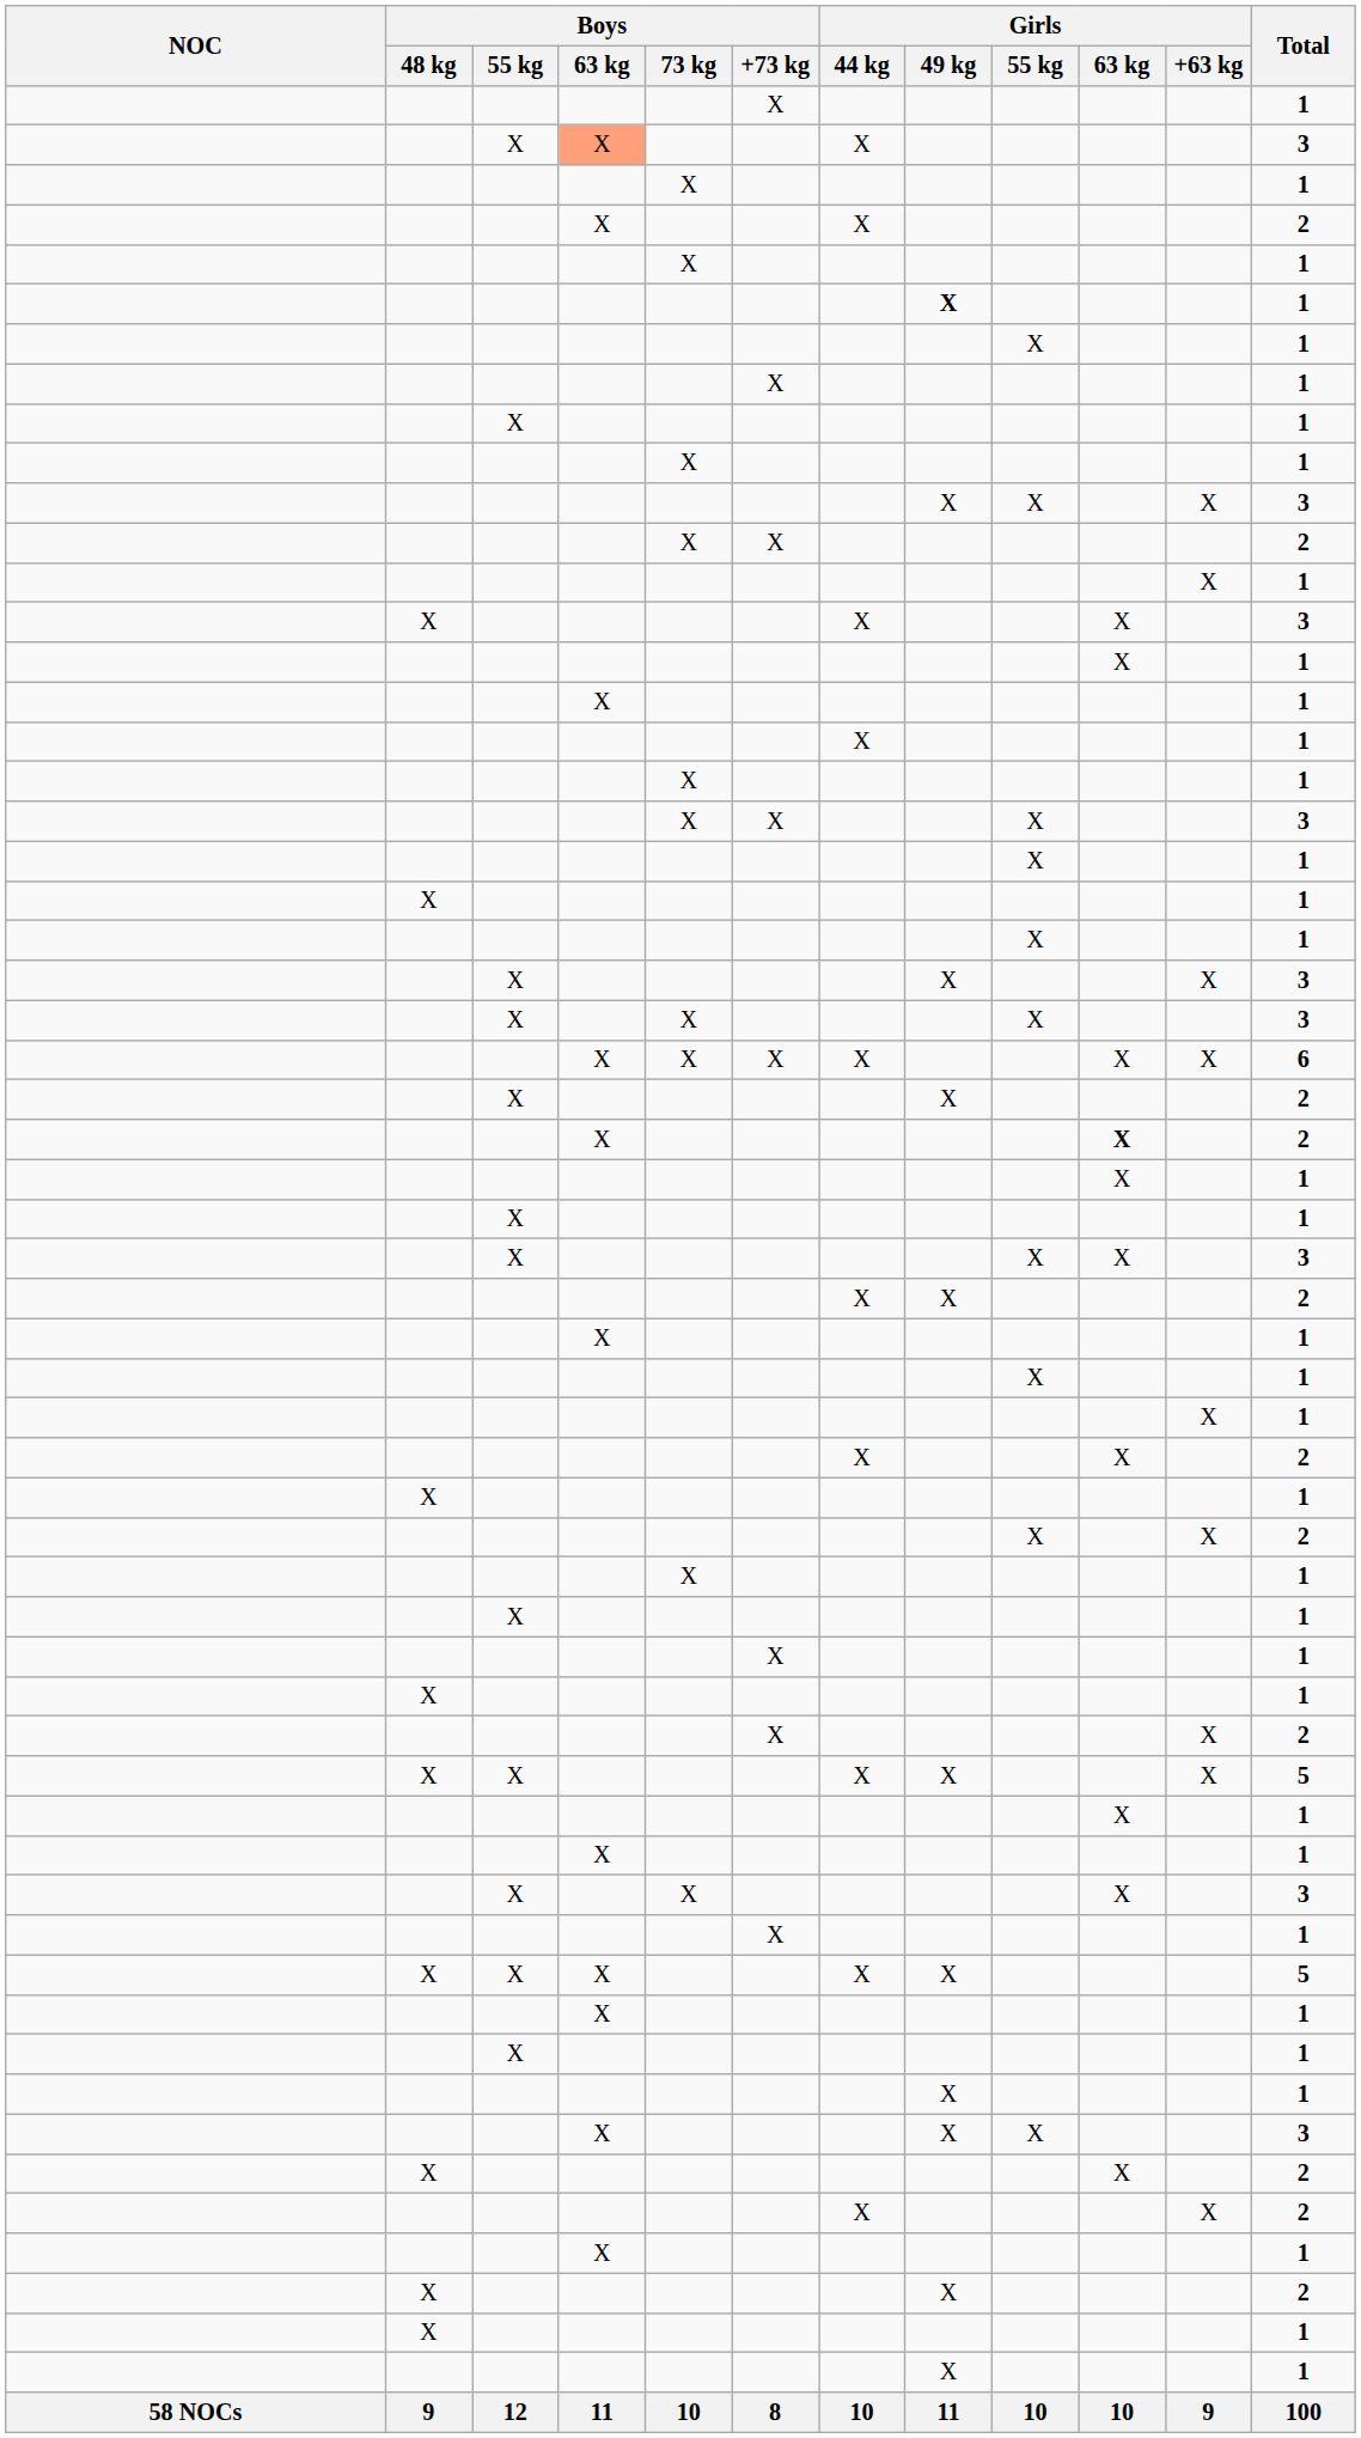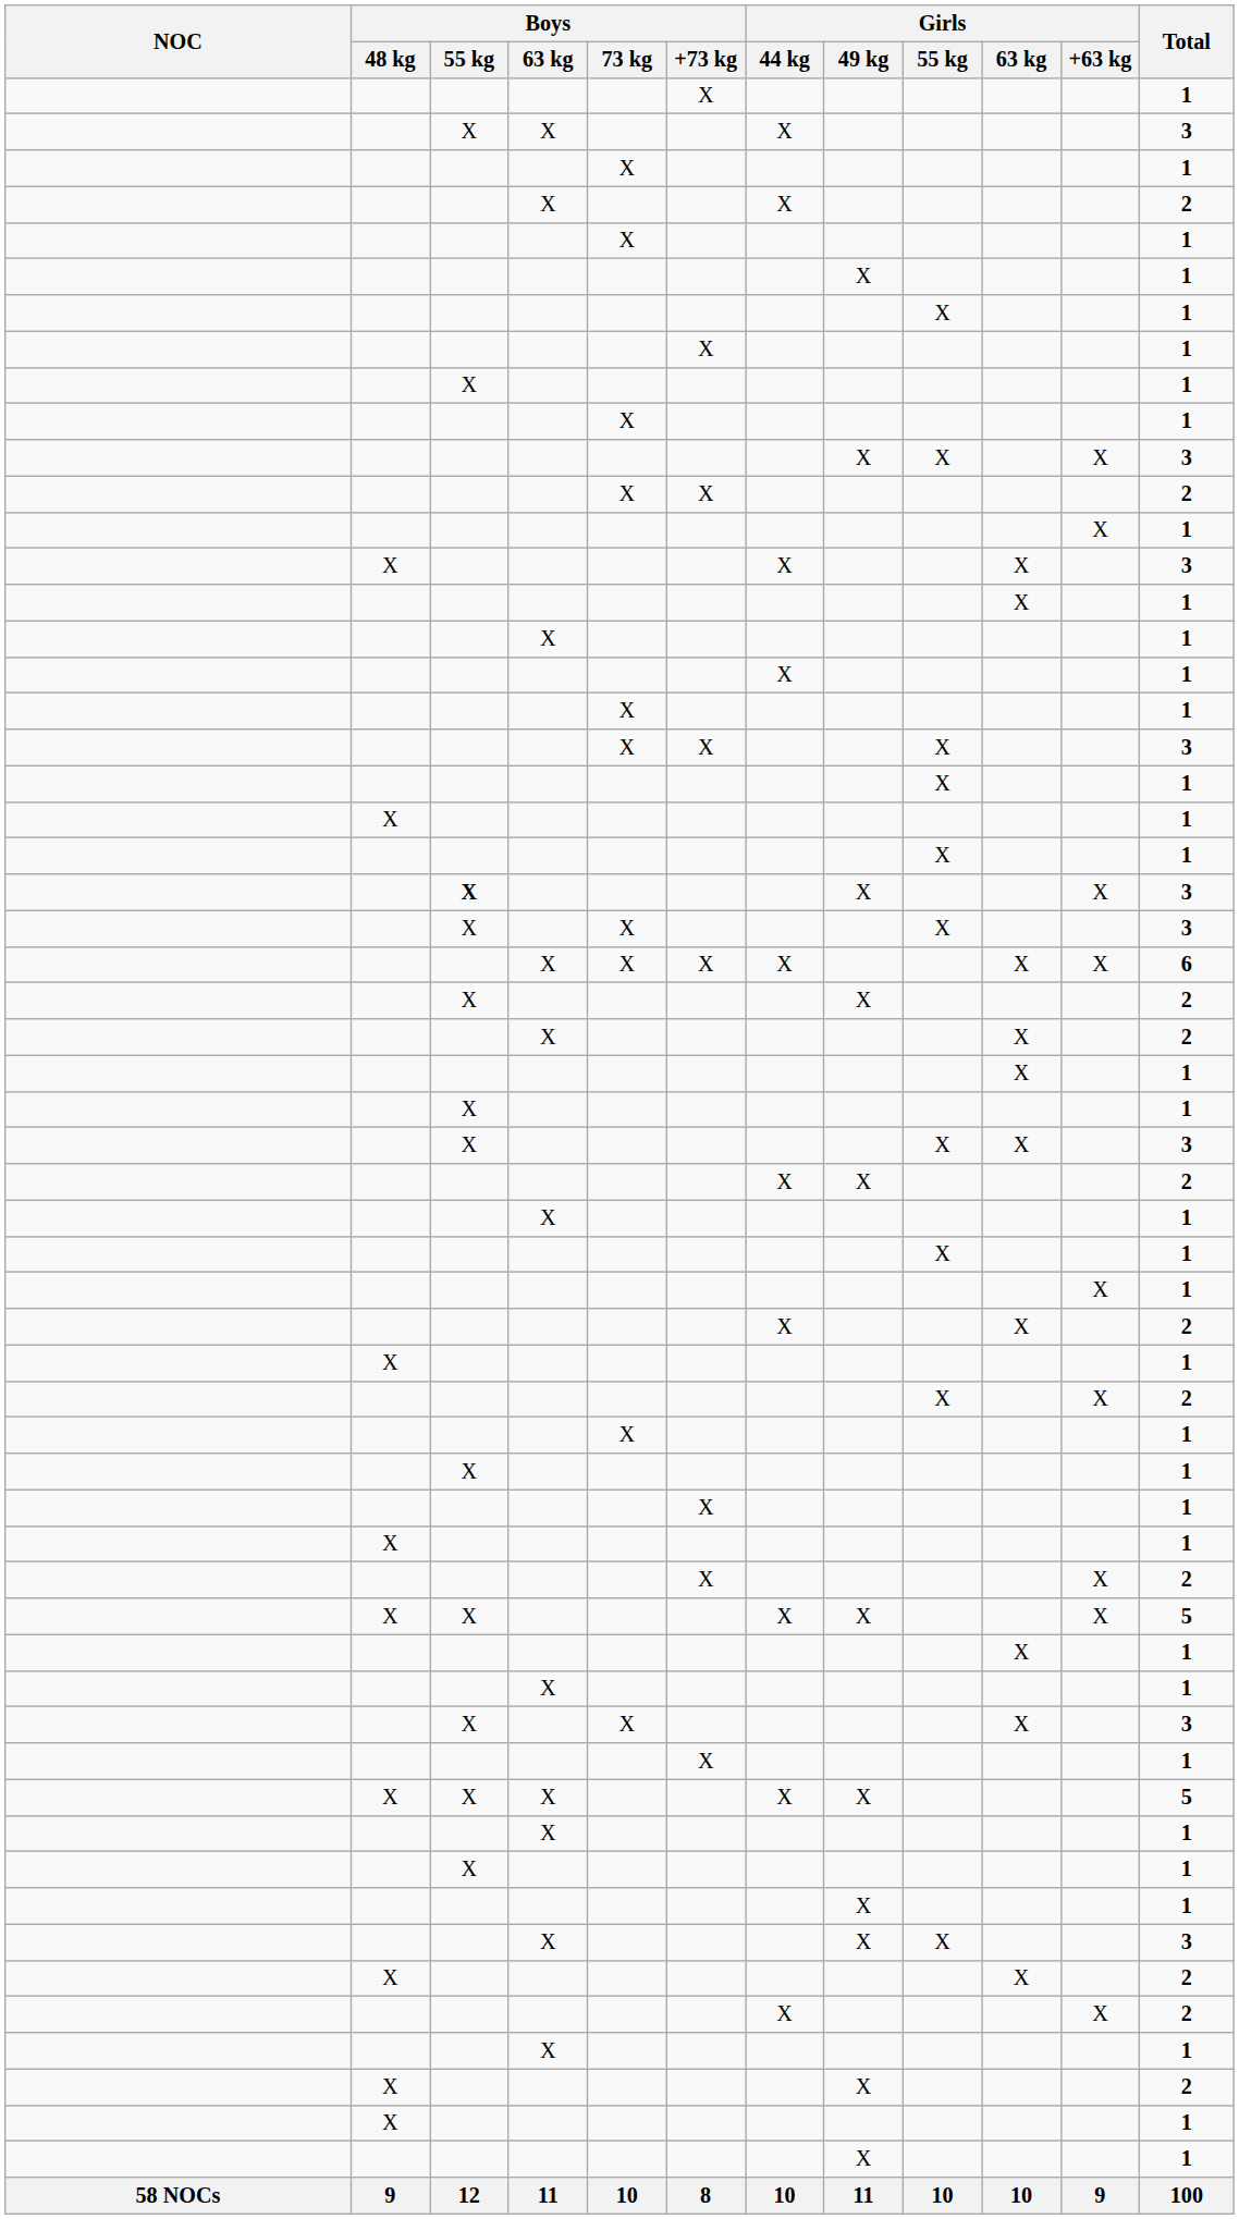 <table class="wikitable" style="text-align:center; font-size:90%">
 <tr>
 <th rowspan="2" width=220 align=left>NOC</th>
 <th colspan="5">Boys</th>
 <th colspan="5">Girls</th>
 <th width=55 rowspan="2">Total</th>
 </tr>
 <tr>
 <th width=45>48 kg</th>
 <th width=45>55 kg</th>
 <th width=45>63 kg</th>
 <th width=45>73 kg</th>
 <th width=45>+73 kg</th>
 <th width=45>44 kg</th>
 <th width=45>49 kg</th>
 <th width=45>55 kg</th>
 <th width=45>63 kg</th>
 <th width=45>+63 kg</th>
 </tr>
 <tr>
 <td align=left></td>
 <td></td>
 <td></td>
 <td></td>
 <td></td>
 <td>X</td>
 <td></td>
 <td></td>
 <td></td>
 <td></td>
 <td></td>
 <td><strong>1</strong></td>
 </tr>
 <tr>
 <td align=left></td>
 <td></td>
 <td>X</td>
-<td style="background: lightsalmon;">X</td>
+<td>X</td>
 <td></td>
 <td></td>
 <td>X</td>
 <td></td>
 <td></td>
 <td></td>
 <td></td>
 <td><strong>3</strong></td>
 </tr>
 <tr>
 <td align=left></td>
 <td></td>
 <td></td>
 <td></td>
 <td>X</td>
 <td></td>
 <td></td>
 <td></td>
 <td></td>
 <td></td>
 <td></td>
 <td><strong>1</strong></td>
 </tr>
 <tr>
 <td align=left></td>
 <td></td>
 <td></td>
 <td>X</td>
 <td></td>
 <td></td>
 <td>X</td>
 <td></td>
 <td></td>
 <td></td>
 <td></td>
 <td><strong>2</strong></td>
 </tr>
 <tr>
 <td align=left></td>
 <td></td>
 <td></td>
 <td></td>
 <td>X</td>
 <td></td>
 <td></td>
 <td></td>
 <td></td>
 <td></td>
 <td></td>
 <td><strong>1</strong></td>
 </tr>
 <tr>
 <td align=left></td>
 <td></td>
 <td></td>
 <td></td>
 <td></td>
 <td></td>
 <td></td>
-<td><strong>X</strong></td>
+<td>X</td>
 <td></td>
 <td></td>
 <td></td>
 <td><strong>1</strong></td>
 </tr>
 <tr>
 <td align=left></td>
 <td></td>
 <td></td>
 <td></td>
 <td></td>
 <td></td>
 <td></td>
 <td></td>
 <td>X</td>
 <td></td>
 <td></td>
 <td><strong>1</strong></td>
 </tr>
 <tr>
 <td align=left></td>
 <td></td>
 <td></td>
 <td></td>
 <td></td>
 <td>X</td>
 <td></td>
 <td></td>
 <td></td>
 <td></td>
 <td></td>
 <td><strong>1</strong></td>
 </tr>
 <tr>
 <td align=left></td>
 <td></td>
 <td>X</td>
 <td></td>
 <td></td>
 <td></td>
 <td></td>
 <td></td>
 <td></td>
 <td></td>
 <td></td>
 <td><strong>1</strong></td>
 </tr>
 <tr>
 <td align=left></td>
 <td></td>
 <td></td>
 <td></td>
 <td>X</td>
 <td></td>
 <td></td>
 <td></td>
 <td></td>
 <td></td>
 <td></td>
 <td><strong>1</strong></td>
 </tr>
 <tr>
 <td align=left></td>
 <td></td>
 <td></td>
 <td></td>
 <td></td>
 <td></td>
 <td></td>
 <td>X</td>
 <td>X</td>
 <td></td>
 <td>X</td>
 <td><strong>3</strong></td>
 </tr>
 <tr>
 <td align=left></td>
 <td></td>
 <td></td>
 <td></td>
 <td>X</td>
 <td>X</td>
 <td></td>
 <td></td>
 <td></td>
 <td></td>
 <td></td>
 <td><strong>2</strong></td>
 </tr>
 <tr>
 <td align=left></td>
 <td></td>
 <td></td>
 <td></td>
 <td></td>
 <td></td>
 <td></td>
 <td></td>
 <td></td>
 <td></td>
 <td>X</td>
 <td><strong>1</strong></td>
 </tr>
 <tr>
 <td align=left></td>
 <td>X</td>
 <td></td>
 <td></td>
 <td></td>
 <td></td>
 <td>X</td>
 <td></td>
 <td></td>
 <td>X</td>
 <td></td>
 <td><strong>3</strong></td>
 </tr>
 <tr>
 <td align=left></td>
 <td></td>
 <td></td>
 <td></td>
 <td></td>
 <td></td>
 <td></td>
 <td></td>
 <td></td>
 <td>X</td>
 <td></td>
 <td><strong>1</strong></td>
 </tr>
 <tr>
 <td align=left></td>
 <td></td>
 <td></td>
 <td>X</td>
 <td></td>
 <td></td>
 <td></td>
 <td></td>
 <td></td>
 <td></td>
 <td></td>
 <td><strong>1</strong></td>
 </tr>
 <tr>
 <td align=left></td>
 <td></td>
 <td></td>
 <td></td>
 <td></td>
 <td></td>
 <td>X</td>
 <td></td>
 <td></td>
 <td></td>
 <td></td>
 <td><strong>1</strong></td>
 </tr>
 <tr>
 <td align=left></td>
 <td></td>
 <td></td>
 <td></td>
 <td>X</td>
 <td></td>
 <td></td>
 <td></td>
 <td></td>
 <td></td>
 <td></td>
 <td><strong>1</strong></td>
 </tr>
 <tr>
 <td align=left></td>
 <td></td>
 <td></td>
 <td></td>
 <td>X</td>
 <td>X</td>
 <td></td>
 <td></td>
 <td>X</td>
 <td></td>
 <td></td>
 <td><strong>3</strong></td>
 </tr>
 <tr>
 <td align=left></td>
 <td></td>
 <td></td>
 <td></td>
 <td></td>
 <td></td>
 <td></td>
 <td></td>
 <td>X</td>
 <td></td>
 <td></td>
 <td><strong>1</strong></td>
 </tr>
 <tr>
 <td align=left></td>
 <td>X</td>
 <td></td>
 <td></td>
 <td></td>
 <td></td>
 <td></td>
 <td></td>
 <td></td>
 <td></td>
 <td></td>
 <td><strong>1</strong></td>
 </tr>
 <tr>
 <td align=left></td>
 <td></td>
 <td></td>
 <td></td>
 <td></td>
 <td></td>
 <td></td>
 <td></td>
 <td>X</td>
 <td></td>
 <td></td>
 <td><strong>1</strong></td>
 </tr>
 <tr>
 <td align=left></td>
 <td></td>
-<td>X</td>
+<td><strong>X</strong></td>
 <td></td>
 <td></td>
 <td></td>
 <td></td>
 <td>X</td>
 <td></td>
 <td></td>
 <td>X</td>
 <td><strong>3</strong></td>
 </tr>
 <tr>
 <td align=left></td>
 <td></td>
 <td>X</td>
 <td></td>
 <td>X</td>
 <td></td>
 <td></td>
 <td></td>
 <td>X</td>
 <td></td>
 <td></td>
 <td><strong>3</strong></td>
 </tr>
 <tr>
 <td align=left></td>
 <td></td>
 <td></td>
 <td>X</td>
 <td>X</td>
 <td>X</td>
 <td>X</td>
 <td></td>
 <td></td>
 <td>X</td>
 <td>X</td>
 <td><strong>6</strong></td>
 </tr>
 <tr>
 <td align=left></td>
 <td></td>
 <td>X</td>
 <td></td>
 <td></td>
 <td></td>
 <td></td>
 <td>X</td>
 <td></td>
 <td></td>
 <td></td>
 <td><strong>2</strong></td>
 </tr>
 <tr>
 <td align=left></td>
 <td></td>
 <td></td>
 <td>X</td>
 <td></td>
 <td></td>
 <td></td>
 <td></td>
 <td></td>
-<td><strong>X</strong></td>
+<td>X</td>
 <td></td>
 <td><strong>2</strong></td>
 </tr>
 <tr>
 <td align=left></td>
 <td></td>
 <td></td>
 <td></td>
 <td></td>
 <td></td>
 <td></td>
 <td></td>
 <td></td>
 <td>X</td>
 <td></td>
 <td><strong>1</strong></td>
 </tr>
 <tr>
 <td align=left></td>
 <td></td>
 <td>X</td>
 <td></td>
 <td></td>
 <td></td>
 <td></td>
 <td></td>
 <td></td>
 <td></td>
 <td></td>
 <td><strong>1</strong></td>
 </tr>
 <tr>
 <td align=left></td>
 <td></td>
 <td>X</td>
 <td></td>
 <td></td>
 <td></td>
 <td></td>
 <td></td>
 <td>X</td>
 <td>X</td>
 <td></td>
 <td><strong>3</strong></td>
 </tr>
 <tr>
 <td align=left></td>
 <td></td>
 <td></td>
 <td></td>
 <td></td>
 <td></td>
 <td>X</td>
 <td>X</td>
 <td></td>
 <td></td>
 <td></td>
 <td><strong>2</strong></td>
 </tr>
 <tr>
 <td align=left></td>
 <td></td>
 <td></td>
 <td>X</td>
 <td></td>
 <td></td>
 <td></td>
 <td></td>
 <td></td>
 <td></td>
 <td></td>
 <td><strong>1</strong></td>
 </tr>
 <tr>
 <td align=left></td>
 <td></td>
 <td></td>
 <td></td>
 <td></td>
 <td></td>
 <td></td>
 <td></td>
 <td>X</td>
 <td></td>
 <td></td>
 <td><strong>1</strong></td>
 </tr>
 <tr>
 <td align=left></td>
 <td></td>
 <td></td>
 <td></td>
 <td></td>
 <td></td>
 <td></td>
 <td></td>
 <td></td>
 <td></td>
 <td>X</td>
 <td><strong>1</strong></td>
 </tr>
 <tr>
 <td align=left></td>
 <td></td>
 <td></td>
 <td></td>
 <td></td>
 <td></td>
 <td>X</td>
 <td></td>
 <td></td>
 <td>X</td>
 <td></td>
 <td><strong>2</strong></td>
 </tr>
 <tr>
 <td align=left></td>
 <td>X</td>
 <td></td>
 <td></td>
 <td></td>
 <td></td>
 <td></td>
 <td></td>
 <td></td>
 <td></td>
 <td></td>
 <td><strong>1</strong></td>
 </tr>
 <tr>
 <td align=left></td>
 <td></td>
 <td></td>
 <td></td>
 <td></td>
 <td></td>
 <td></td>
 <td></td>
 <td>X</td>
 <td></td>
 <td>X</td>
 <td><strong>2</strong></td>
 </tr>
 <tr>
 <td align=left></td>
 <td></td>
 <td></td>
 <td></td>
 <td>X</td>
 <td></td>
 <td></td>
 <td></td>
 <td></td>
 <td></td>
 <td></td>
 <td><strong>1</strong></td>
 </tr>
 <tr>
 <td align=left></td>
 <td></td>
 <td>X</td>
 <td></td>
 <td></td>
 <td></td>
 <td></td>
 <td></td>
 <td></td>
 <td></td>
 <td></td>
 <td><strong>1</strong></td>
 </tr>
 <tr>
 <td align=left></td>
 <td></td>
 <td></td>
 <td></td>
 <td></td>
 <td>X</td>
 <td></td>
 <td></td>
 <td></td>
 <td></td>
 <td></td>
 <td><strong>1</strong></td>
 </tr>
 <tr>
 <td align=left></td>
 <td>X</td>
 <td></td>
 <td></td>
 <td></td>
 <td></td>
 <td></td>
 <td></td>
 <td></td>
 <td></td>
 <td></td>
 <td><strong>1</strong></td>
 </tr>
 <tr>
 <td align=left></td>
 <td></td>
 <td></td>
 <td></td>
 <td></td>
 <td>X</td>
 <td></td>
 <td></td>
 <td></td>
 <td></td>
 <td>X</td>
 <td><strong>2</strong></td>
 </tr>
 <tr>
 <td align=left></td>
 <td>X</td>
 <td>X</td>
 <td></td>
 <td></td>
 <td></td>
 <td>X</td>
 <td>X</td>
 <td></td>
 <td></td>
 <td>X</td>
 <td><strong>5</strong></td>
 </tr>
 <tr>
 <td align=left></td>
 <td></td>
 <td></td>
 <td></td>
 <td></td>
 <td></td>
 <td></td>
 <td></td>
 <td></td>
 <td>X</td>
 <td></td>
 <td><strong>1</strong></td>
 </tr>
 <tr>
 <td align=left></td>
 <td></td>
 <td></td>
 <td>X</td>
 <td></td>
 <td></td>
 <td></td>
 <td></td>
 <td></td>
 <td></td>
 <td></td>
 <td><strong>1</strong></td>
 </tr>
 <tr>
 <td align=left></td>
 <td></td>
 <td>X</td>
 <td></td>
 <td>X</td>
 <td></td>
 <td></td>
 <td></td>
 <td></td>
 <td>X</td>
 <td></td>
 <td><strong>3</strong></td>
 </tr>
 <tr>
 <td align=left></td>
 <td></td>
 <td></td>
 <td></td>
 <td></td>
 <td>X</td>
 <td></td>
 <td></td>
 <td></td>
 <td></td>
 <td></td>
 <td><strong>1</strong></td>
 </tr>
 <tr>
 <td align=left></td>
 <td>X</td>
 <td>X</td>
 <td>X</td>
 <td></td>
 <td></td>
 <td>X</td>
 <td>X</td>
 <td></td>
 <td></td>
 <td></td>
 <td><strong>5</strong></td>
 </tr>
 <tr>
 <td align=left></td>
 <td></td>
 <td></td>
 <td>X</td>
 <td></td>
 <td></td>
 <td></td>
 <td></td>
 <td></td>
 <td></td>
 <td></td>
 <td><strong>1</strong></td>
 </tr>
 <tr>
 <td align=left></td>
 <td></td>
 <td>X</td>
 <td></td>
 <td></td>
 <td></td>
 <td></td>
 <td></td>
 <td></td>
 <td></td>
 <td></td>
 <td><strong>1</strong></td>
 </tr>
 <tr>
 <td align=left></td>
 <td></td>
 <td></td>
 <td></td>
 <td></td>
 <td></td>
 <td></td>
 <td>X</td>
 <td></td>
 <td></td>
 <td></td>
 <td><strong>1</strong></td>
 </tr>
 <tr>
 <td align=left></td>
 <td></td>
 <td></td>
 <td>X</td>
 <td></td>
 <td></td>
 <td></td>
 <td>X</td>
 <td>X</td>
 <td></td>
 <td></td>
 <td><strong>3</strong></td>
 </tr>
 <tr>
 <td align=left></td>
 <td>X</td>
 <td></td>
 <td></td>
 <td></td>
 <td></td>
 <td></td>
 <td></td>
 <td></td>
 <td>X</td>
 <td></td>
 <td><strong>2</strong></td>
 </tr>
 <tr>
 <td align=left></td>
 <td></td>
 <td></td>
 <td></td>
 <td></td>
 <td></td>
 <td>X</td>
 <td></td>
 <td></td>
 <td></td>
 <td>X</td>
 <td><strong>2</strong></td>
 </tr>
 <tr>
 <td align=left></td>
 <td></td>
 <td></td>
 <td>X</td>
 <td></td>
 <td></td>
 <td></td>
 <td></td>
 <td></td>
 <td></td>
 <td></td>
 <td><strong>1</strong></td>
 </tr>
 <tr>
 <td align=left></td>
 <td>X</td>
 <td></td>
 <td></td>
 <td></td>
 <td></td>
 <td></td>
 <td>X</td>
 <td></td>
 <td></td>
 <td></td>
 <td><strong>2</strong></td>
 </tr>
 <tr>
 <td align=left></td>
 <td>X</td>
 <td></td>
 <td></td>
 <td></td>
 <td></td>
 <td></td>
 <td></td>
 <td></td>
 <td></td>
 <td></td>
 <td><strong>1</strong></td>
 </tr>
 <tr>
 <td align=left></td>
 <td></td>
 <td></td>
 <td></td>
 <td></td>
 <td></td>
 <td></td>
 <td>X</td>
 <td></td>
 <td></td>
 <td></td>
 <td><strong>1</strong></td>
 </tr>
 <tr>
 <th>58 NOCs</th>
 <th>9</th>
 <th>12</th>
 <th>11</th>
 <th>10</th>
 <th>8</th>
 <th>10</th>
 <th>11</th>
 <th>10</th>
 <th>10</th>
 <th>9</th>
 <th>100</th>
 </tr>
 </table>
